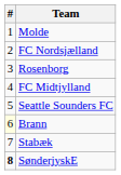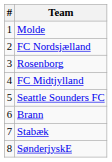 <table class="wikitable">
 <tr>
 <th>#</th>
 <th>Team</th>
 </tr>
 <tr>
 <td>1</td>
 <td> <a href='#'>Molde</a></td>
 </tr>
 <tr>
 <td>2</td>
 <td> <a href='#'>FC Nordsjælland</a></td>
 </tr>
 <tr>
 <td>3</td>
 <td> <a href='#'>Rosenborg</a></td>
 </tr>
 <tr>
 <td>4</td>
 <td> <a href='#'>FC Midtjylland</a></td>
 </tr>
 <tr>
 <td>5</td>
 <td> <a href='#'>Seattle Sounders FC</a></td>
 </tr>
 <tr>
-<td style="background: lightyellow;">6</td>
+<td>6</td>
 <td> <a href='#'>Brann</a></td>
 </tr>
 <tr>
 <td>7</td>
 <td> <a href='#'>Stabæk</a></td>
 </tr>
 <tr>
-<td><strong>8</strong></td>
+<td>8</td>
 <td> <a href='#'>SønderjyskE</a></td>
 </tr>
 </table>
